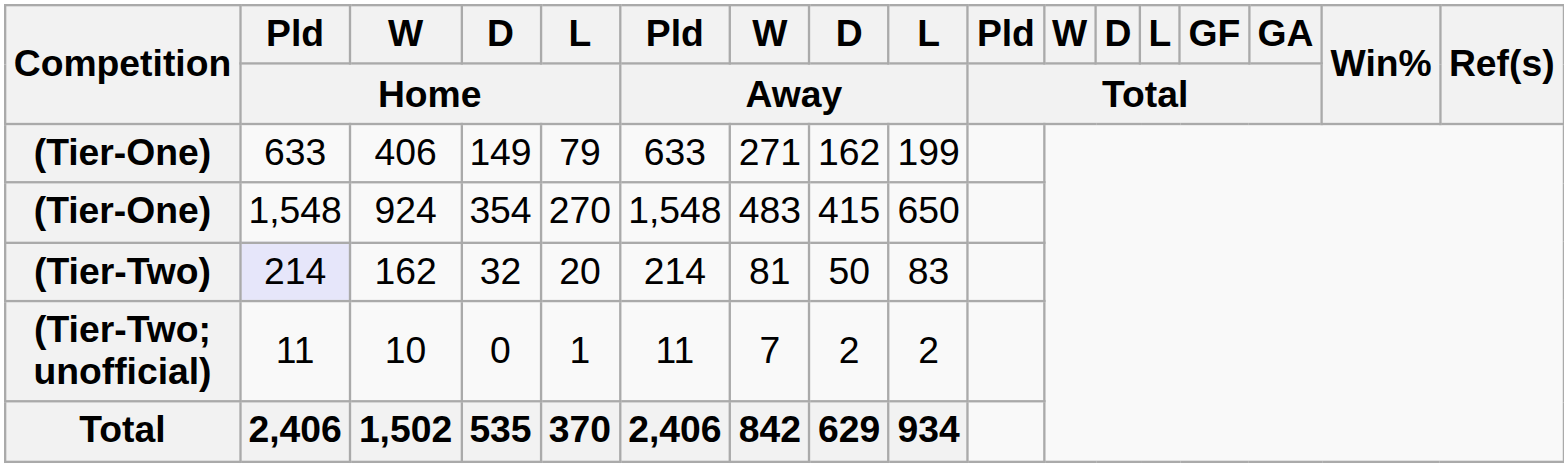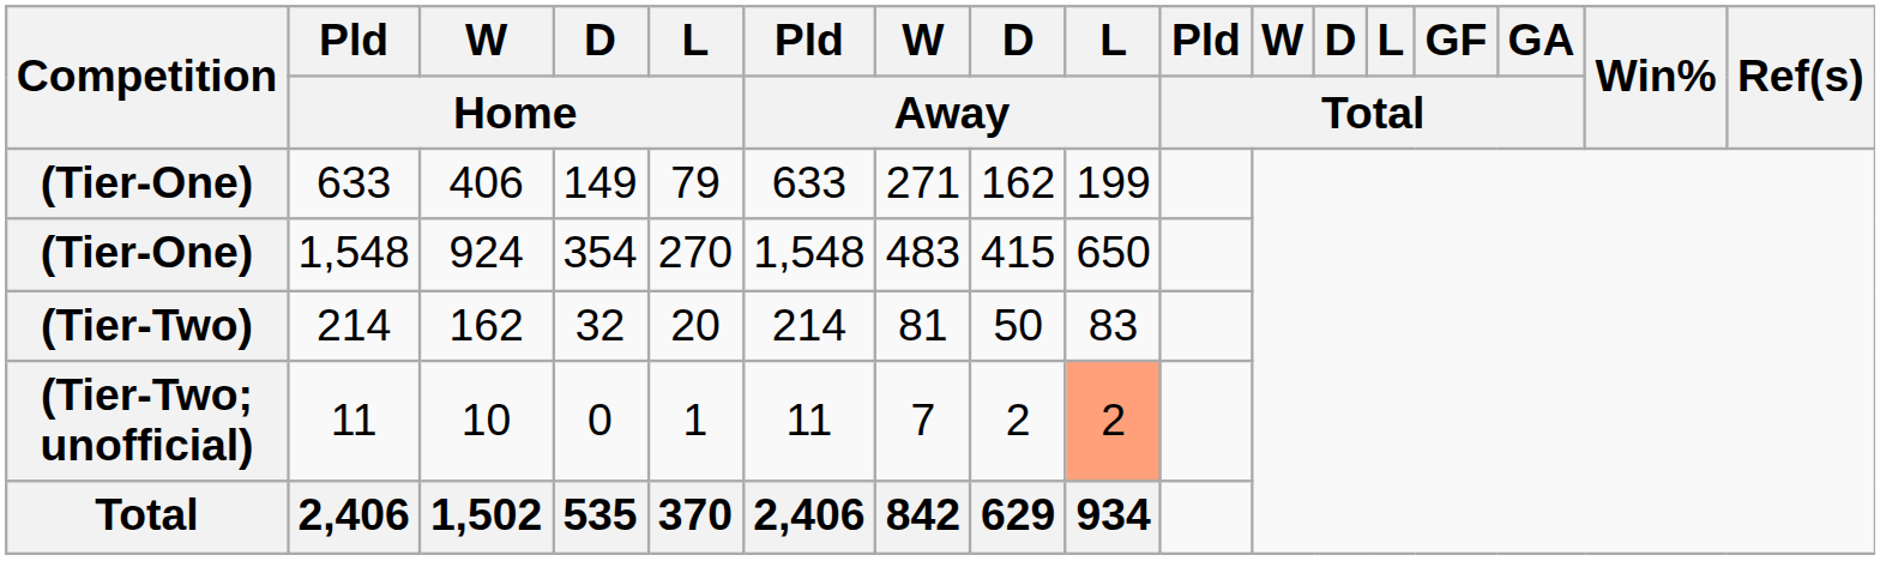 <table class="wikitable plainrowheaders sortable" style="text-align:center">
 <tr>
 <th scope="col" rowspan="2">Competition</th>
 <th scope="col">Pld</th>
 <th scope="col">W</th>
 <th scope="col">D</th>
 <th scope="col">L</th>
 <th scope="col">Pld</th>
 <th scope="col">W</th>
 <th scope="col">D</th>
 <th scope="col">L</th>
 <th scope="col">Pld</th>
 <th scope="col">W</th>
 <th scope="col">D</th>
 <th scope="col">L</th>
 <th scope="col">GF</th>
 <th scope="col">GA</th>
 <th scope="col" rowspan="2">Win%</th>
 <th scope="col" rowspan="2" class="unsortable">Ref(s)</th>
 </tr>
 <tr class="unsortable">
 <th colspan="4">Home</th>
 <th colspan="4">Away</th>
 <th colspan="6">Total</th>
 </tr>
 <tr>
 <th scope="row" align=left> (Tier-One)</th>
 <td>633</td>
 <td>406</td>
 <td>149</td>
 <td>79</td>
 <td>633</td>
 <td>271</td>
 <td>162</td>
 <td>199<br></td>
 <td></td>
 </tr>
 <tr>
 <th scope="row" align=left> (Tier-One)</th>
 <td>1,548</td>
 <td>924</td>
 <td>354</td>
 <td>270</td>
 <td>1,548</td>
 <td>483</td>
 <td>415</td>
 <td>650<br></td>
 <td></td>
 </tr>
 <tr>
 <th scope="row" align=left> (Tier-Two)</th>
-<td style="background: lavender;">214</td>
+<td>214</td>
 <td>162</td>
 <td>32</td>
 <td>20</td>
 <td>214</td>
 <td>81</td>
 <td>50</td>
 <td>83<br></td>
 <td></td>
 </tr>
 <tr>
 <th scope="row" align=left> (Tier-Two; unofficial)</th>
 <td>11</td>
 <td>10</td>
 <td>0</td>
 <td>1</td>
 <td>11</td>
 <td>7</td>
 <td>2</td>
-<td>2<br></td>
+<td style="background: lightsalmon;">2<br></td>
 <td></td>
 </tr>
 <tr>
 <th scope="row"><strong>Total</strong></th>
 <th>2,406</th>
 <th>1,502</th>
 <th>535</th>
 <th>370</th>
 <th>2,406</th>
 <th>842</th>
 <th>629</th>
 <th>934<br></th>
 <td></td>
 </tr>
 </table>
